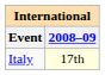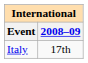 <table class="wikitable" style="text-align:center">
 <tr>
 <th style="background-color: #ffdead; " colspan=2 align=center>International</th>
 </tr>
 <tr>
 <th>Event</th>
 <th><a href='#'>2008–09</a></th>
 </tr>
 <tr>
 <td align=left> <a href='#'>Italy</a></td>
-<td style="background: lightyellow;">17th</td>
+<td>17th</td>
 </tr>
 </table>
